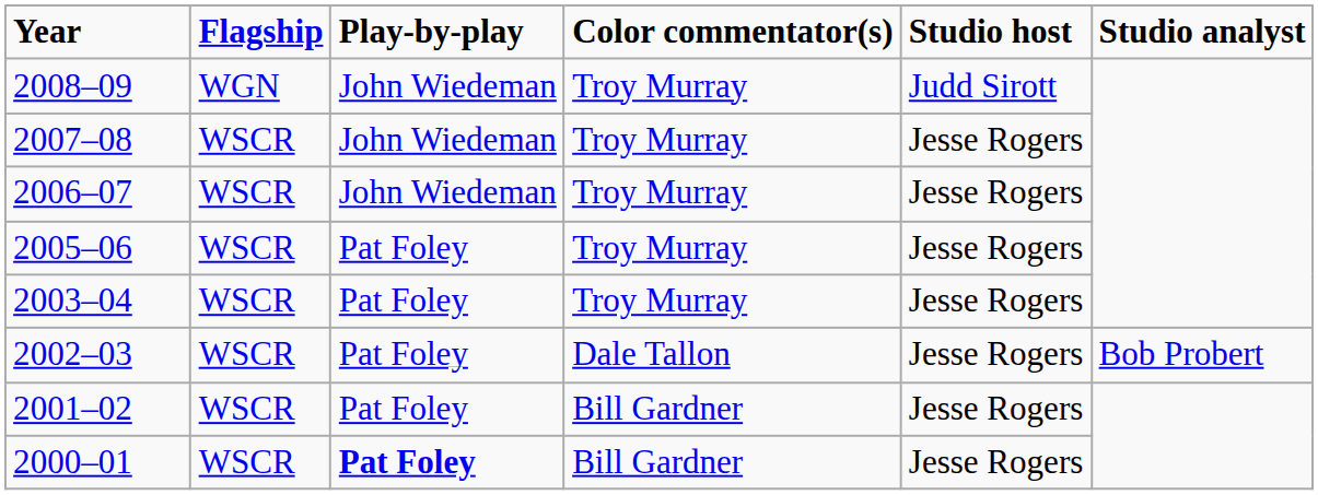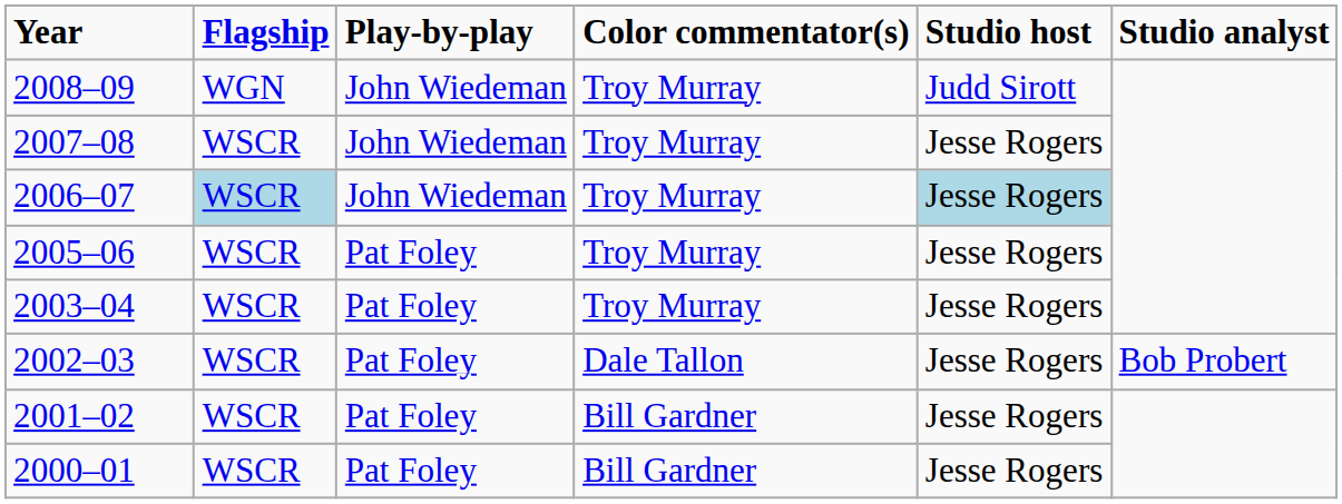 <table class="wikitable">
 <tr>
 <td width="80"><strong>Year</strong></td>
 <td><strong><a href='#'>Flagship</a></strong></td>
 <td><strong>Play-by-play</strong></td>
 <td><strong>Color commentator(s)</strong></td>
 <td><strong>Studio host</strong></td>
 <td><strong>Studio analyst</strong></td>
 </tr>
 <tr>
 <td><a href='#'>2008–09</a></td>
 <td><a href='#'>WGN</a></td>
 <td><a href='#'>John Wiedeman</a></td>
 <td><a href='#'>Troy Murray</a></td>
 <td><a href='#'>Judd Sirott</a></td>
 </tr>
 <tr>
 <td><a href='#'>2007–08</a></td>
 <td><a href='#'>WSCR</a></td>
 <td><a href='#'>John Wiedeman</a></td>
 <td><a href='#'>Troy Murray</a></td>
 <td>Jesse Rogers</td>
 </tr>
 <tr>
 <td><a href='#'>2006–07</a></td>
-<td><a href='#'>WSCR</a></td>
+<td style="background: lightblue;"><a href='#'>WSCR</a></td>
 <td><a href='#'>John Wiedeman</a></td>
 <td><a href='#'>Troy Murray</a></td>
-<td>Jesse Rogers</td>
+<td style="background: lightblue;">Jesse Rogers</td>
 </tr>
 <tr>
 <td><a href='#'>2005–06</a></td>
 <td><a href='#'>WSCR</a></td>
 <td><a href='#'>Pat Foley</a></td>
 <td><a href='#'>Troy Murray</a></td>
 <td>Jesse Rogers</td>
 </tr>
 <tr>
 <td><a href='#'>2003–04</a></td>
 <td><a href='#'>WSCR</a></td>
 <td><a href='#'>Pat Foley</a></td>
 <td><a href='#'>Troy Murray</a></td>
 <td>Jesse Rogers</td>
 </tr>
 <tr>
 <td><a href='#'>2002–03</a></td>
 <td><a href='#'>WSCR</a></td>
 <td><a href='#'>Pat Foley</a></td>
 <td><a href='#'>Dale Tallon</a></td>
 <td>Jesse Rogers</td>
 <td><a href='#'>Bob Probert</a></td>
 </tr>
 <tr>
 <td><a href='#'>2001–02</a></td>
 <td><a href='#'>WSCR</a></td>
 <td><a href='#'>Pat Foley</a></td>
 <td><a href='#'>Bill Gardner</a></td>
 <td>Jesse Rogers</td>
 </tr>
 <tr>
 <td><a href='#'>2000–01</a></td>
 <td><a href='#'>WSCR</a></td>
-<td><strong><a href='#'>Pat Foley</a></strong></td>
+<td><a href='#'>Pat Foley</a></td>
 <td><a href='#'>Bill Gardner</a></td>
 <td>Jesse Rogers</td>
 </tr>
 </table>
